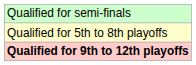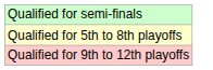 <table class="wikitable">
 <tr>
 <td style="background:#cfc;">Qualified for semi-finals</td>
 </tr>
 <tr>
 <td style="background:#ffc;">Qualified for 5th to 8th playoffs</td>
 </tr>
 <tr>
-<td style="background:#fcc;"><strong>Qualified for 9th to 12th playoffs</strong></td>
+<td style="background:#fcc;">Qualified for 9th to 12th playoffs</td>
 </tr>
 </table>
